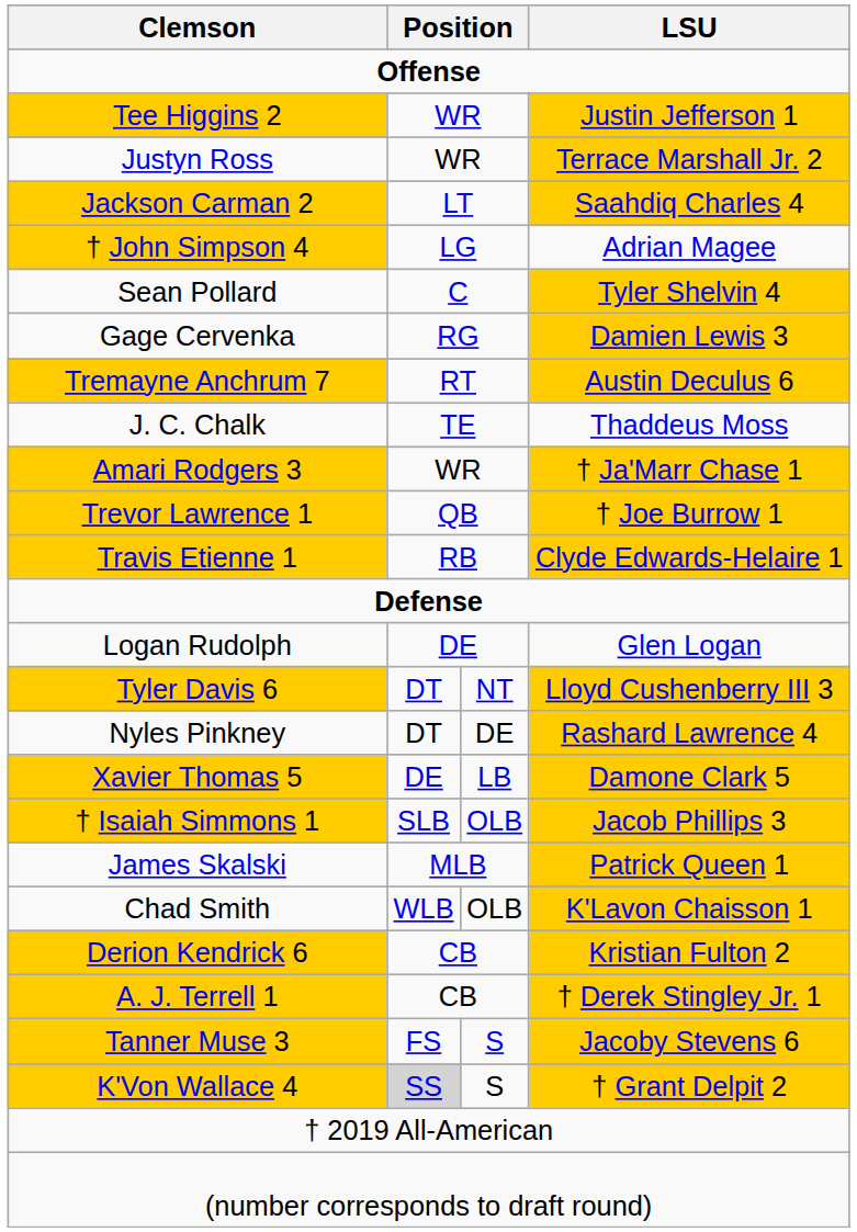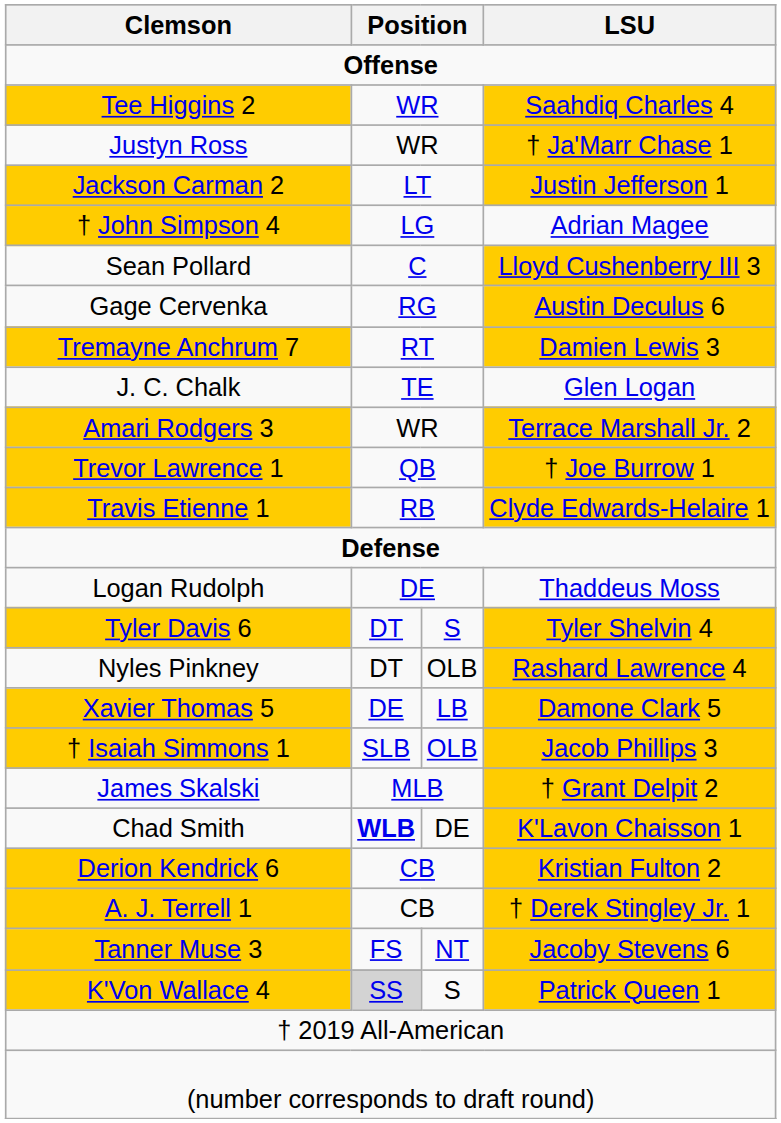 <table class="wikitable" style="text-align:center; font-size: 95%; margin: 1em auto;">
 <tr>
 <th style="width:200px;">Clemson</th>
 <th colspan=2>Position</th>
 <th>LSU</th>
 </tr>
 <tr>
 <td colspan="4"><strong>Offense</strong></td>
 </tr>
 <tr>
 <td style="background:#FFCC00"><a href='#'>Tee Higgins</a> 2</td>
 <td colspan="2"><a href='#'>WR</a></td>
-<td style="background:#FFCC00"><a href='#'>Justin Jefferson</a> 1</td>
+<td style="background:#FFCC00"><a href='#'>Saahdiq Charles</a> 4</td>
 </tr>
 <tr>
 <td><a href='#'>Justyn Ross</a></td>
 <td colspan="2">WR</td>
-<td bgcolor="#FFCC00"><a href='#'>Terrace Marshall Jr.</a> 2</td>
+<td bgcolor="#FFCC00">† <a href='#'>Ja'Marr Chase</a> 1</td>
 </tr>
 <tr>
 <td style="background:#FFCC00"><a href='#'>Jackson Carman</a> 2</td>
 <td colspan="2"><a href='#'>LT</a></td>
-<td style="background:#FFCC00"><a href='#'>Saahdiq Charles</a> 4</td>
+<td style="background:#FFCC00"><a href='#'>Justin Jefferson</a> 1</td>
 </tr>
 <tr>
 <td style="background:#FFCC00">† <a href='#'>John Simpson</a> 4</td>
 <td colspan="2"><a href='#'>LG</a></td>
 <td><a href='#'>Adrian Magee</a></td>
 </tr>
 <tr>
 <td>Sean Pollard</td>
 <td colspan="2"><a href='#'>C</a></td>
-<td style="background:#FFCC00"><a href='#'>Tyler Shelvin</a> 4</td>
+<td style="background:#FFCC00"><a href='#'>Lloyd Cushenberry III</a> 3</td>
 </tr>
 <tr>
 <td>Gage Cervenka</td>
 <td colspan="2"><a href='#'>RG</a></td>
-<td style="background:#FFCC00"><a href='#'>Damien Lewis</a> 3</td>
+<td style="background:#FFCC00"><a href='#'>Austin Deculus</a> 6</td>
 </tr>
 <tr>
 <td style="background:#FFCC00"><a href='#'>Tremayne Anchrum</a> 7</td>
 <td colspan="2"><a href='#'>RT</a></td>
-<td style="background:#FFCC00"><a href='#'>Austin Deculus</a> 6</td>
+<td style="background:#FFCC00"><a href='#'>Damien Lewis</a> 3</td>
 </tr>
 <tr>
 <td>J. C. Chalk</td>
 <td colspan="2"><a href='#'>TE</a></td>
-<td><a href='#'>Thaddeus Moss</a></td>
+<td><a href='#'>Glen Logan</a></td>
 </tr>
 <tr>
 <td bgcolor="#FFCC00"><a href='#'>Amari Rodgers</a> 3</td>
 <td colspan="2">WR</td>
-<td bgcolor="#FFCC00">† <a href='#'>Ja'Marr Chase</a> 1</td>
+<td bgcolor="#FFCC00"><a href='#'>Terrace Marshall Jr.</a> 2</td>
 </tr>
 <tr>
 <td bgcolor="#FFCC00"><a href='#'>Trevor Lawrence</a> 1</td>
 <td colspan="2"><a href='#'>QB</a></td>
 <td style="background:#FFCC00">† <a href='#'>Joe Burrow</a> 1</td>
 </tr>
 <tr>
 <td bgcolor="#FFCC00"><a href='#'>Travis Etienne</a> 1</td>
 <td colspan="2"><a href='#'>RB</a></td>
 <td style="background:#FFCC00"><a href='#'>Clyde Edwards-Helaire</a> 1</td>
 </tr>
 <tr>
 <td colspan="4"><strong>Defense</strong></td>
 </tr>
 <tr>
 <td>Logan Rudolph</td>
 <td colspan="2"><a href='#'>DE</a></td>
-<td><a href='#'>Glen Logan</a></td>
+<td><a href='#'>Thaddeus Moss</a></td>
 </tr>
 <tr>
 <td style="background:#FFCC00"><a href='#'>Tyler Davis</a> 6</td>
 <td><a href='#'>DT</a></td>
-<td><a href='#'>NT</a></td>
-<td style="background:#FFCC00"><a href='#'>Lloyd Cushenberry III</a> 3</td>
+<td><a href='#'>S</a></td>
+<td style="background:#FFCC00"><a href='#'>Tyler Shelvin</a> 4</td>
 </tr>
 <tr>
 <td>Nyles Pinkney</td>
 <td>DT</td>
-<td>DE</td>
+<td>OLB</td>
 <td style="background:#FFCC00"><a href='#'>Rashard Lawrence</a> 4</td>
 </tr>
 <tr>
 <td style="background:#FFCC00"><a href='#'>Xavier Thomas</a> 5</td>
 <td><a href='#'>DE</a></td>
 <td><a href='#'>LB</a></td>
 <td style="background:#FFCC00"><a href='#'>Damone Clark</a> 5</td>
 </tr>
 <tr>
 <td style="background:#FFCC00">† <a href='#'>Isaiah Simmons</a> 1</td>
 <td><a href='#'>SLB</a></td>
 <td><a href='#'>OLB</a></td>
 <td style="background:#FFCC00"><a href='#'>Jacob Phillips</a> 3</td>
 </tr>
 <tr>
 <td><a href='#'>James Skalski</a></td>
 <td colspan=2><a href='#'>MLB</a></td>
-<td style="background:#FFCC00"><a href='#'>Patrick Queen</a> 1</td>
+<td style="background:#FFCC00">† <a href='#'>Grant Delpit</a> 2</td>
 </tr>
 <tr>
 <td>Chad Smith</td>
-<td><a href='#'>WLB</a></td>
-<td>OLB</td>
+<td><strong><a href='#'>WLB</a></strong></td>
+<td>DE</td>
 <td style="background:#FFCC00"><a href='#'>K'Lavon Chaisson</a> 1</td>
 </tr>
 <tr>
 <td bgcolor="#FFCC00"><a href='#'>Derion Kendrick</a> 6</td>
 <td colspan="2"><a href='#'>CB</a></td>
 <td style="background:#FFCC00"><a href='#'>Kristian Fulton</a> 2</td>
 </tr>
 <tr>
 <td style="background:#FFCC00"><a href='#'>A. J. Terrell</a> 1</td>
 <td colspan="2">CB</td>
 <td bgcolor="#FFCC00">† <a href='#'>Derek Stingley Jr.</a> 1</td>
 </tr>
 <tr>
 <td style="background:#FFCC00"><a href='#'>Tanner Muse</a> 3</td>
 <td><a href='#'>FS</a></td>
-<td><a href='#'>S</a></td>
+<td><a href='#'>NT</a></td>
 <td style="background:#FFCC00"><a href='#'>Jacoby Stevens</a> 6</td>
 </tr>
 <tr>
 <td style="background:#FFCC00"><a href='#'>K'Von Wallace</a> 4</td>
 <td style="background: lightgrey;"><a href='#'>SS</a></td>
 <td>S</td>
-<td style="background:#FFCC00">† <a href='#'>Grant Delpit</a> 2</td>
+<td style="background:#FFCC00"><a href='#'>Patrick Queen</a> 1</td>
 </tr>
 <tr>
 <td colspan="4">† 2019 All-American</td>
 </tr>
 <tr>
 <td colspan=4 align=center><br>(number corresponds to draft round)</td>
 </tr>
 <tr>
 </tr>
 </table>
